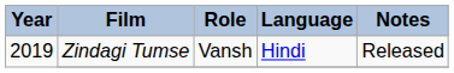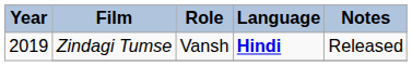 <table class="wikitable" style="font-size:100%">
 <tr style="text-align:center;">
 <th style="background:#B0C4DE;">Year</th>
 <th style="background:#B0C4DE;">Film</th>
 <th style="background:#B0C4DE;">Role</th>
 <th style="background:#B0C4DE;">Language</th>
 <th style="background:#B0C4DE;">Notes</th>
 </tr>
 <tr>
 <td rowspan="2">2019</td>
 <td><em>Zindagi Tumse</em></td>
 <td>Vansh</td>
-<td><a href='#'>Hindi</a></td>
+<td><strong><a href='#'>Hindi</a></strong></td>
 <td>Released</td>
 </tr>
 <tr>
 </tr>
 </table>
